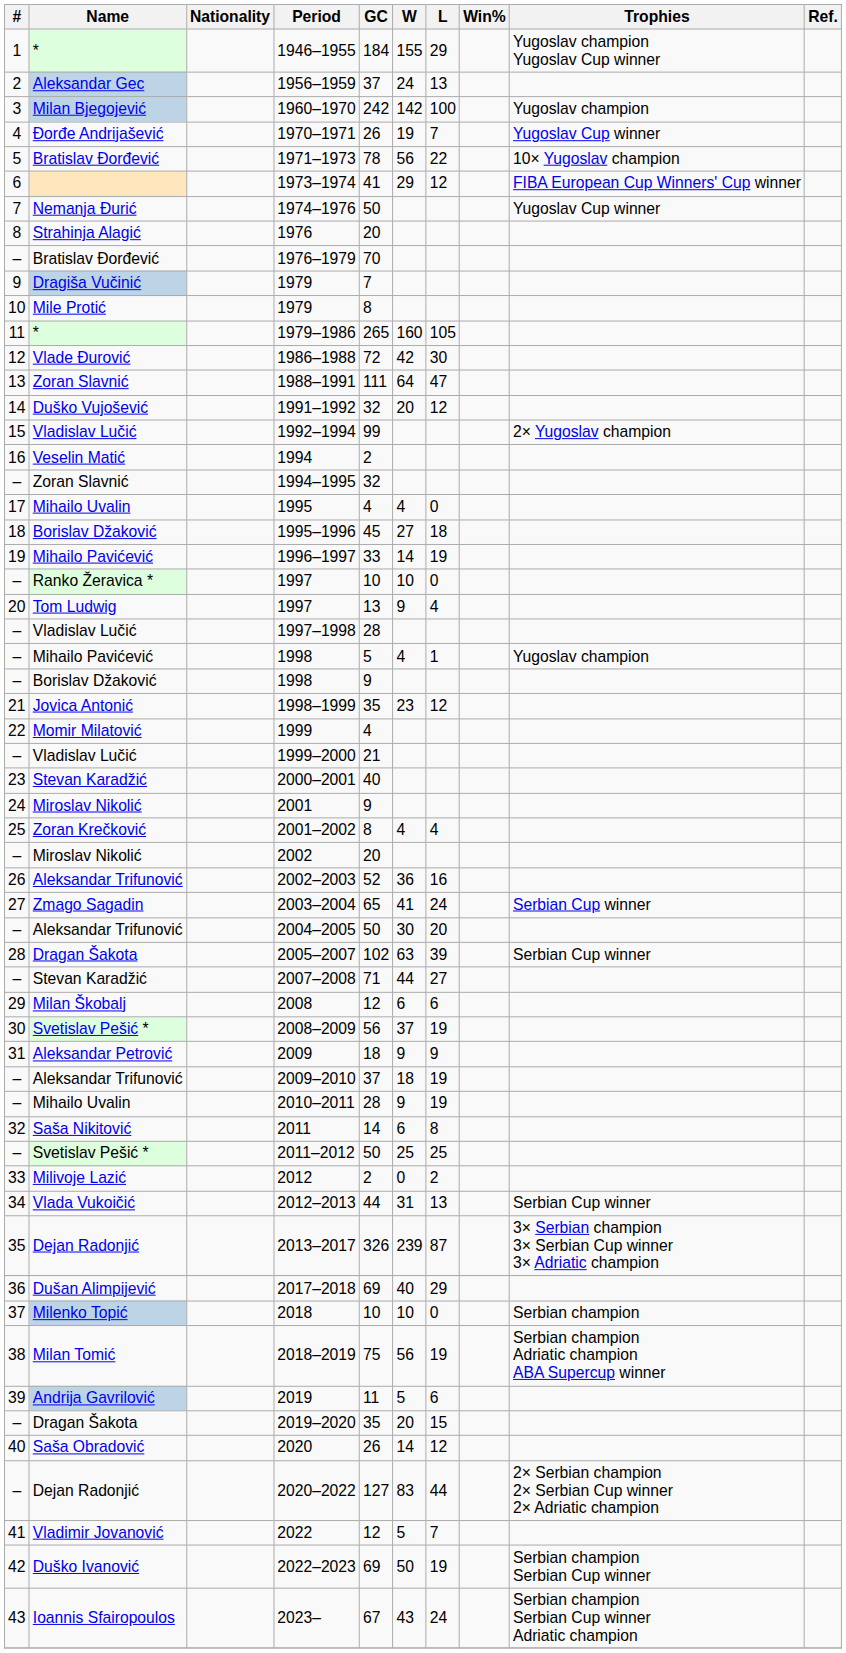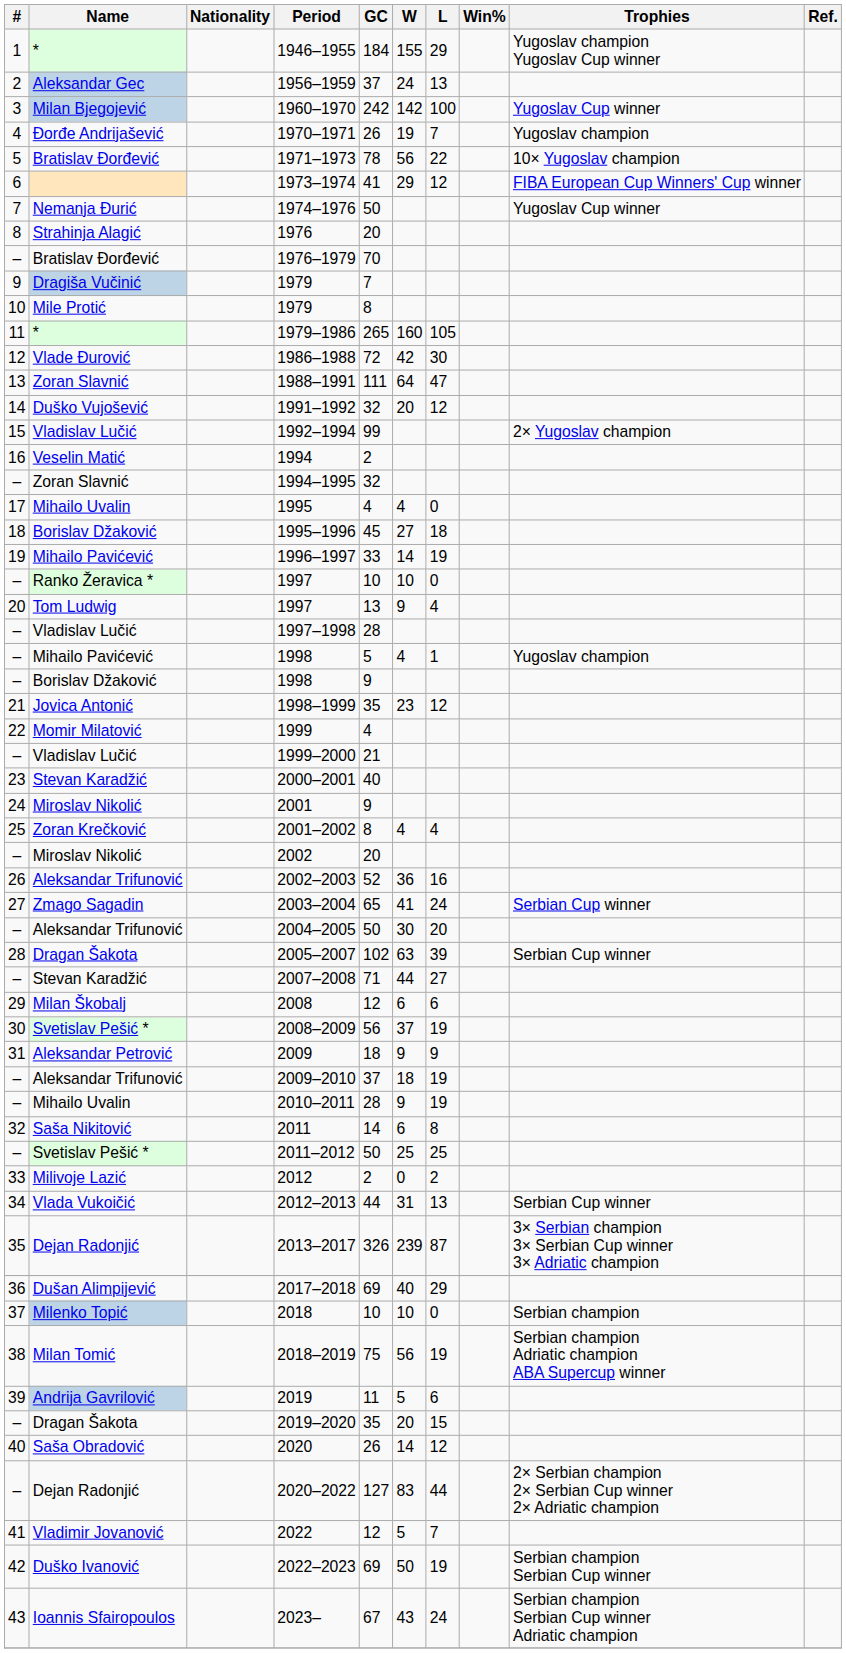 <table class="wikitable sortable">
 <tr>
 <th>#</th>
 <th>Name</th>
 <th>Nationality</th>
 <th>Period</th>
 <th>GC</th>
 <th>W</th>
 <th>L</th>
 <th>Win%</th>
 <th class=unsortable>Trophies</th>
 <th class=unsortable>Ref.</th>
 </tr>
 <tr>
 <td align=center>1</td>
 <td style="background-color:#ddffdd"> *</td>
 <td></td>
 <td>1946–1955</td>
 <td>184</td>
 <td>155</td>
 <td>29</td>
 <td></td>
 <td>Yugoslav champion<br>Yugoslav Cup winner</td>
 <td></td>
 </tr>
 <tr>
 <td align=center>2</td>
 <td style="background-color:#BCD4E6"><a href='#'>Aleksandar Gec</a></td>
 <td></td>
 <td>1956–1959</td>
 <td>37</td>
 <td>24</td>
 <td>13</td>
 <td></td>
 <td></td>
 <td></td>
 </tr>
 <tr>
 <td align=center>3</td>
 <td style="background-color:#BCD4E6"><a href='#'>Milan Bjegojević</a></td>
 <td></td>
 <td>1960–1970</td>
 <td>242</td>
 <td>142</td>
 <td>100</td>
 <td></td>
-<td>Yugoslav champion</td>
+<td><a href='#'>Yugoslav Cup</a> winner</td>
 <td></td>
 </tr>
 <tr>
 <td align=center>4</td>
 <td><a href='#'>Đorđe Andrijašević</a></td>
 <td></td>
 <td>1970–1971</td>
 <td>26</td>
 <td>19</td>
 <td>7</td>
 <td></td>
-<td><a href='#'>Yugoslav Cup</a> winner</td>
+<td>Yugoslav champion</td>
 <td></td>
 </tr>
 <tr>
 <td align=center>5</td>
 <td><a href='#'>Bratislav Đorđević</a></td>
 <td></td>
 <td>1971–1973</td>
 <td>78</td>
 <td>56</td>
 <td>22</td>
 <td></td>
 <td>10× <a href='#'>Yugoslav</a> champion</td>
 <td></td>
 </tr>
 <tr>
 <td align=center>6</td>
 <td style="background-color:#FFE6BD"> </td>
 <td></td>
 <td>1973–1974</td>
 <td>41</td>
 <td>29</td>
 <td>12</td>
 <td></td>
 <td><a href='#'>FIBA European Cup Winners' Cup</a> winner</td>
 <td></td>
 </tr>
 <tr>
 <td align=center>7</td>
 <td><a href='#'>Nemanja Đurić</a></td>
 <td></td>
 <td>1974–1976</td>
 <td>50</td>
 <td></td>
 <td></td>
 <td></td>
 <td>Yugoslav Cup winner</td>
 <td></td>
 </tr>
 <tr>
 <td align=center>8</td>
 <td><a href='#'>Strahinja Alagić</a></td>
 <td></td>
 <td>1976</td>
 <td>20</td>
 <td></td>
 <td></td>
 <td></td>
 <td></td>
 <td></td>
 </tr>
 <tr>
 <td align=center>–</td>
 <td>Bratislav Đorđević</td>
 <td></td>
 <td>1976–1979</td>
 <td>70</td>
 <td></td>
 <td></td>
 <td></td>
 <td></td>
 <td></td>
 </tr>
 <tr>
 <td align=center>9</td>
 <td style="background-color:#BCD4E6"><a href='#'>Dragiša Vučinić</a></td>
 <td></td>
 <td>1979</td>
 <td>7</td>
 <td></td>
 <td></td>
 <td></td>
 <td></td>
 <td></td>
 </tr>
 <tr>
 <td align=center>10</td>
 <td><a href='#'>Mile Protić</a></td>
 <td></td>
 <td>1979</td>
 <td>8</td>
 <td></td>
 <td></td>
 <td></td>
 <td></td>
 <td></td>
 </tr>
 <tr>
 <td align=center>11</td>
 <td style="background-color:#ddffdd"> *</td>
 <td></td>
 <td>1979–1986</td>
 <td>265</td>
 <td>160</td>
 <td>105</td>
 <td></td>
 <td></td>
 <td></td>
 </tr>
 <tr>
 <td align=center>12</td>
 <td><a href='#'>Vlade Đurović</a></td>
 <td></td>
 <td>1986–1988</td>
 <td>72</td>
 <td>42</td>
 <td>30</td>
 <td></td>
 <td></td>
 <td></td>
 </tr>
 <tr>
 <td align=center>13</td>
 <td><a href='#'>Zoran Slavnić</a></td>
 <td></td>
 <td>1988–1991</td>
 <td>111</td>
 <td>64</td>
 <td>47</td>
 <td></td>
 <td></td>
 <td></td>
 </tr>
 <tr>
 <td align=center>14</td>
 <td><a href='#'>Duško Vujošević</a></td>
 <td></td>
 <td>1991–1992</td>
 <td>32</td>
 <td>20</td>
 <td>12</td>
 <td></td>
 <td></td>
 <td></td>
 </tr>
 <tr>
 <td align=center>15</td>
 <td><a href='#'>Vladislav Lučić</a></td>
 <td></td>
 <td>1992–1994</td>
 <td>99</td>
 <td></td>
 <td></td>
 <td></td>
 <td>2× <a href='#'>Yugoslav</a> champion</td>
 <td></td>
 </tr>
 <tr>
 <td align=center>16</td>
 <td><a href='#'>Veselin Matić</a></td>
 <td></td>
 <td>1994</td>
 <td>2</td>
 <td></td>
 <td></td>
 <td></td>
 <td></td>
 <td></td>
 </tr>
 <tr>
 <td align=center>–</td>
 <td>Zoran Slavnić</td>
 <td></td>
 <td>1994–1995</td>
 <td>32</td>
 <td></td>
 <td></td>
 <td></td>
 <td></td>
 <td></td>
 </tr>
 <tr>
 <td align=center>17</td>
 <td><a href='#'>Mihailo Uvalin</a></td>
 <td></td>
 <td>1995</td>
 <td>4</td>
 <td>4</td>
 <td>0</td>
 <td></td>
 <td></td>
 <td></td>
 </tr>
 <tr>
 <td align=center>18</td>
 <td><a href='#'>Borislav Džaković</a></td>
 <td></td>
 <td>1995–1996</td>
 <td>45</td>
 <td>27</td>
 <td>18</td>
 <td></td>
 <td></td>
 <td></td>
 </tr>
 <tr>
 <td align=center>19</td>
 <td><a href='#'>Mihailo Pavićević</a></td>
 <td></td>
 <td>1996–1997</td>
 <td>33</td>
 <td>14</td>
 <td>19</td>
 <td></td>
 <td></td>
 <td></td>
 </tr>
 <tr>
 <td align=center>–</td>
 <td style="background-color:#ddffdd">Ranko Žeravica *</td>
 <td></td>
 <td>1997</td>
 <td>10</td>
 <td>10</td>
 <td>0</td>
 <td></td>
 <td></td>
 <td></td>
 </tr>
 <tr>
 <td align=center>20</td>
 <td><a href='#'>Tom Ludwig</a></td>
 <td></td>
 <td>1997</td>
 <td>13</td>
 <td>9</td>
 <td>4</td>
 <td></td>
 <td></td>
 <td></td>
 </tr>
 <tr>
 <td align=center>–</td>
 <td>Vladislav Lučić</td>
 <td></td>
 <td>1997–1998</td>
 <td>28</td>
 <td></td>
 <td></td>
 <td></td>
 <td></td>
 <td></td>
 </tr>
 <tr>
 <td align=center>–</td>
 <td>Mihailo Pavićević</td>
 <td></td>
 <td>1998</td>
 <td>5</td>
 <td>4</td>
 <td>1</td>
 <td></td>
 <td>Yugoslav champion</td>
 <td></td>
 </tr>
 <tr>
 <td align=center>–</td>
 <td>Borislav Džaković</td>
 <td></td>
 <td>1998</td>
 <td>9</td>
 <td></td>
 <td></td>
 <td></td>
 <td></td>
 <td></td>
 </tr>
 <tr>
 <td align=center>21</td>
 <td><a href='#'>Jovica Antonić</a></td>
 <td></td>
 <td>1998–1999</td>
 <td>35</td>
 <td>23</td>
 <td>12</td>
 <td></td>
 <td></td>
 <td></td>
 </tr>
 <tr>
 <td align=center>22</td>
 <td><a href='#'>Momir Milatović</a></td>
 <td></td>
 <td>1999</td>
 <td>4</td>
 <td></td>
 <td></td>
 <td></td>
 <td></td>
 <td></td>
 </tr>
 <tr>
 <td align=center>–</td>
 <td>Vladislav Lučić</td>
 <td></td>
 <td>1999–2000</td>
 <td>21</td>
 <td></td>
 <td></td>
 <td></td>
 <td></td>
 <td></td>
 </tr>
 <tr>
 <td align=center>23</td>
 <td><a href='#'>Stevan Karadžić</a></td>
 <td></td>
 <td>2000–2001</td>
 <td>40</td>
 <td></td>
 <td></td>
 <td></td>
 <td></td>
 <td></td>
 </tr>
 <tr>
 <td align=center>24</td>
 <td><a href='#'>Miroslav Nikolić</a></td>
 <td></td>
 <td>2001</td>
 <td>9</td>
 <td></td>
 <td></td>
 <td></td>
 <td></td>
 <td></td>
 </tr>
 <tr>
 <td align=center>25</td>
 <td><a href='#'>Zoran Krečković</a></td>
 <td></td>
 <td>2001–2002</td>
 <td>8</td>
 <td>4</td>
 <td>4</td>
 <td></td>
 <td></td>
 <td></td>
 </tr>
 <tr>
 <td align=center>–</td>
 <td>Miroslav Nikolić</td>
 <td></td>
 <td>2002</td>
 <td>20</td>
 <td></td>
 <td></td>
 <td></td>
 <td></td>
 <td></td>
 </tr>
 <tr>
 <td align=center>26</td>
 <td><a href='#'>Aleksandar Trifunović</a></td>
 <td></td>
 <td>2002–2003</td>
 <td>52</td>
 <td>36</td>
 <td>16</td>
 <td></td>
 <td></td>
 <td></td>
 </tr>
 <tr>
 <td align=center>27</td>
 <td><a href='#'>Zmago Sagadin</a></td>
 <td></td>
 <td>2003–2004</td>
 <td>65</td>
 <td>41</td>
 <td>24</td>
 <td></td>
 <td><a href='#'>Serbian Cup</a> winner</td>
 <td></td>
 </tr>
 <tr>
 <td align=center>–</td>
 <td>Aleksandar Trifunović</td>
 <td></td>
 <td>2004–2005</td>
 <td>50</td>
 <td>30</td>
 <td>20</td>
 <td></td>
 <td></td>
 <td></td>
 </tr>
 <tr>
 <td align=center>28</td>
 <td><a href='#'>Dragan Šakota</a></td>
 <td></td>
 <td>2005–2007</td>
 <td>102</td>
 <td>63</td>
 <td>39</td>
 <td></td>
 <td>Serbian Cup winner</td>
 <td></td>
 </tr>
 <tr>
 <td align=center>–</td>
 <td>Stevan Karadžić</td>
 <td></td>
 <td>2007–2008</td>
 <td>71</td>
 <td>44</td>
 <td>27</td>
 <td></td>
 <td></td>
 <td></td>
 </tr>
 <tr>
 <td align=center>29</td>
 <td><a href='#'>Milan Škobalj</a></td>
 <td></td>
 <td>2008</td>
 <td>12</td>
 <td>6</td>
 <td>6</td>
 <td></td>
 <td></td>
 <td></td>
 </tr>
 <tr>
 <td align=center>30</td>
 <td style="background-color:#ddffdd"><a href='#'>Svetislav Pešić</a> *</td>
 <td></td>
 <td>2008–2009</td>
 <td>56</td>
 <td>37</td>
 <td>19</td>
 <td></td>
 <td></td>
 <td></td>
 </tr>
 <tr>
 <td align=center>31</td>
 <td><a href='#'>Aleksandar Petrović</a></td>
 <td></td>
 <td>2009</td>
 <td>18</td>
 <td>9</td>
 <td>9</td>
 <td></td>
 <td></td>
 <td></td>
 </tr>
 <tr>
 <td align=center>–</td>
 <td>Aleksandar Trifunović</td>
 <td></td>
 <td>2009–2010</td>
 <td>37</td>
 <td>18</td>
 <td>19</td>
 <td></td>
 <td></td>
 <td></td>
 </tr>
 <tr>
 <td align=center>–</td>
 <td>Mihailo Uvalin</td>
 <td></td>
 <td>2010–2011</td>
 <td>28</td>
 <td>9</td>
 <td>19</td>
 <td></td>
 <td></td>
 <td></td>
 </tr>
 <tr>
 <td align=center>32</td>
 <td><a href='#'>Saša Nikitović</a></td>
 <td></td>
 <td>2011</td>
 <td>14</td>
 <td>6</td>
 <td>8</td>
 <td></td>
 <td></td>
 <td></td>
 </tr>
 <tr>
 <td align=center>–</td>
 <td style="background-color:#ddffdd">Svetislav Pešić *</td>
 <td></td>
 <td>2011–2012</td>
 <td>50</td>
 <td>25</td>
 <td>25</td>
 <td></td>
 <td></td>
 <td></td>
 </tr>
 <tr>
 <td align=center>33</td>
 <td><a href='#'>Milivoje Lazić</a></td>
 <td></td>
 <td>2012</td>
 <td>2</td>
 <td>0</td>
 <td>2</td>
 <td></td>
 <td></td>
 <td></td>
 </tr>
 <tr>
 <td align=center>34</td>
 <td><a href='#'>Vlada Vukoičić</a></td>
 <td></td>
 <td>2012–2013</td>
 <td>44</td>
 <td>31</td>
 <td>13</td>
 <td></td>
 <td>Serbian Cup winner</td>
 <td></td>
 </tr>
 <tr>
 <td align=center>35</td>
 <td><a href='#'>Dejan Radonjić</a></td>
 <td></td>
 <td>2013–2017</td>
 <td>326</td>
 <td>239</td>
 <td>87</td>
 <td></td>
 <td>3× <a href='#'>Serbian</a> champion<br>3× Serbian Cup winner<br>3× <a href='#'>Adriatic</a> champion</td>
 <td></td>
 </tr>
 <tr>
 </tr>
 <tr>
 <td align=center>36</td>
 <td><a href='#'>Dušan Alimpijević</a></td>
 <td></td>
 <td>2017–2018</td>
 <td>69</td>
 <td>40</td>
 <td>29</td>
 <td></td>
 <td></td>
 <td></td>
 </tr>
 <tr>
 <td align=center>37</td>
 <td style="background-color:#BCD4E6"><a href='#'>Milenko Topić</a></td>
 <td></td>
 <td>2018</td>
 <td>10</td>
 <td>10</td>
 <td>0</td>
 <td></td>
 <td>Serbian champion</td>
 <td></td>
 </tr>
 <tr>
 <td align=center>38</td>
 <td><a href='#'>Milan Tomić</a></td>
 <td></td>
 <td>2018–2019</td>
 <td>75</td>
 <td>56</td>
 <td>19</td>
 <td></td>
 <td>Serbian champion<br>Adriatic champion<br><a href='#'>ABA Supercup</a> winner</td>
 <td></td>
 </tr>
 <tr>
 <td align=center>39</td>
 <td style="background-color:#BCD4E6"><a href='#'>Andrija Gavrilović</a></td>
 <td></td>
 <td>2019</td>
 <td>11</td>
 <td>5</td>
 <td>6</td>
 <td></td>
 <td></td>
 <td></td>
 </tr>
 <tr>
 <td align=center>–</td>
 <td>Dragan Šakota</td>
 <td></td>
 <td>2019–2020</td>
 <td>35</td>
 <td>20</td>
 <td>15</td>
 <td></td>
 <td></td>
 <td></td>
 </tr>
 <tr>
 <td align=center>40</td>
 <td><a href='#'>Saša Obradović</a></td>
 <td></td>
 <td>2020</td>
 <td>26</td>
 <td>14</td>
 <td>12</td>
 <td></td>
 <td></td>
 <td></td>
 </tr>
 <tr>
 <td align=center>–</td>
 <td>Dejan Radonjić</td>
 <td></td>
 <td>2020–2022</td>
 <td>127</td>
 <td>83</td>
 <td>44</td>
 <td></td>
 <td>2× Serbian champion<br>2× Serbian Cup winner<br>2× Adriatic champion</td>
 <td></td>
 </tr>
 <tr>
 <td align=center>41</td>
 <td><a href='#'>Vladimir Jovanović</a></td>
 <td></td>
 <td>2022</td>
 <td>12</td>
 <td>5</td>
 <td>7</td>
 <td></td>
 <td></td>
 <td></td>
 </tr>
 <tr>
 <td align=center>42</td>
 <td><a href='#'>Duško Ivanović</a></td>
 <td></td>
 <td>2022–2023</td>
 <td>69</td>
 <td>50</td>
 <td>19</td>
 <td></td>
 <td>Serbian champion<br>Serbian Cup winner</td>
 <td></td>
 </tr>
 <tr>
 <td align=center>43</td>
 <td><a href='#'>Ioannis Sfairopoulos</a></td>
 <td></td>
 <td>2023–</td>
 <td>67</td>
 <td>43</td>
 <td>24</td>
 <td></td>
 <td>Serbian champion<br>Serbian Cup winner<br>Adriatic champion</td>
 <td></td>
 </tr>
 <tr>
 </tr>
 </table>
